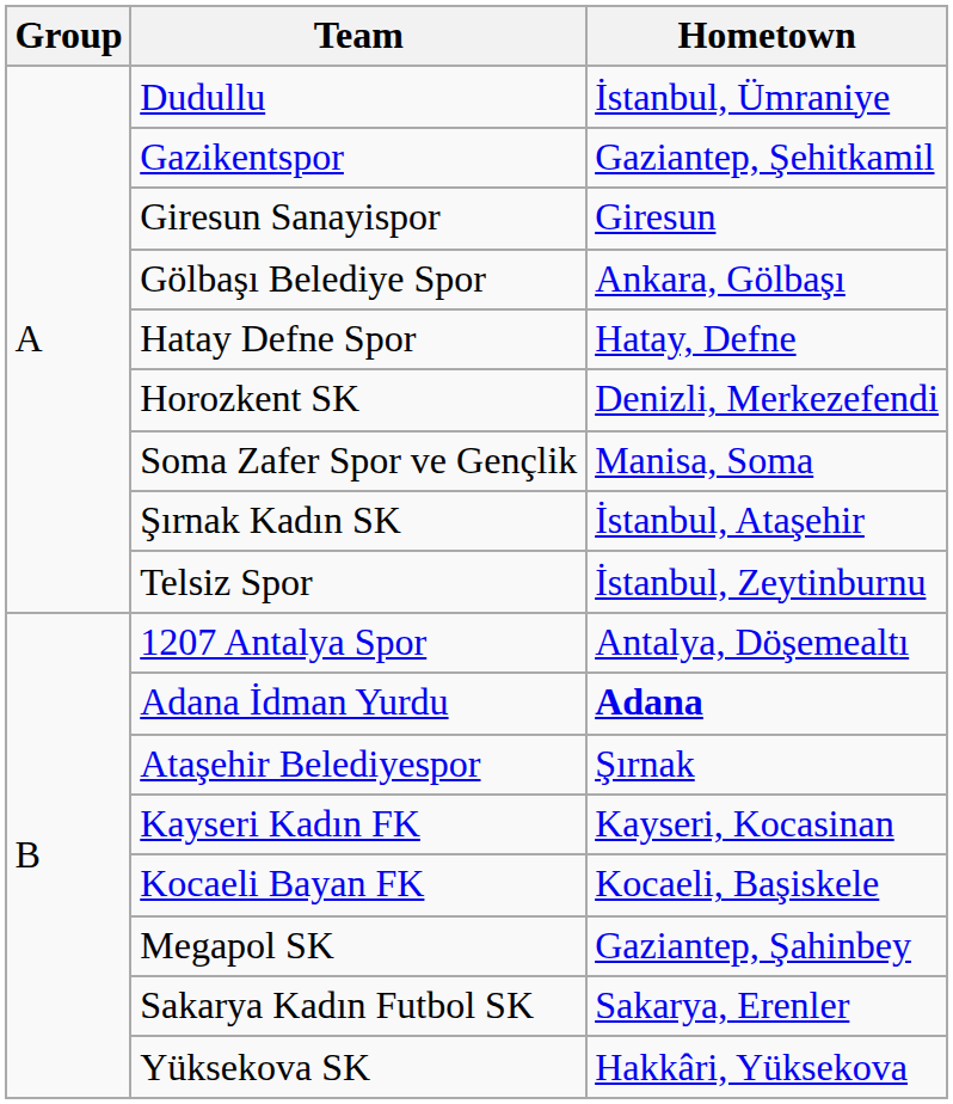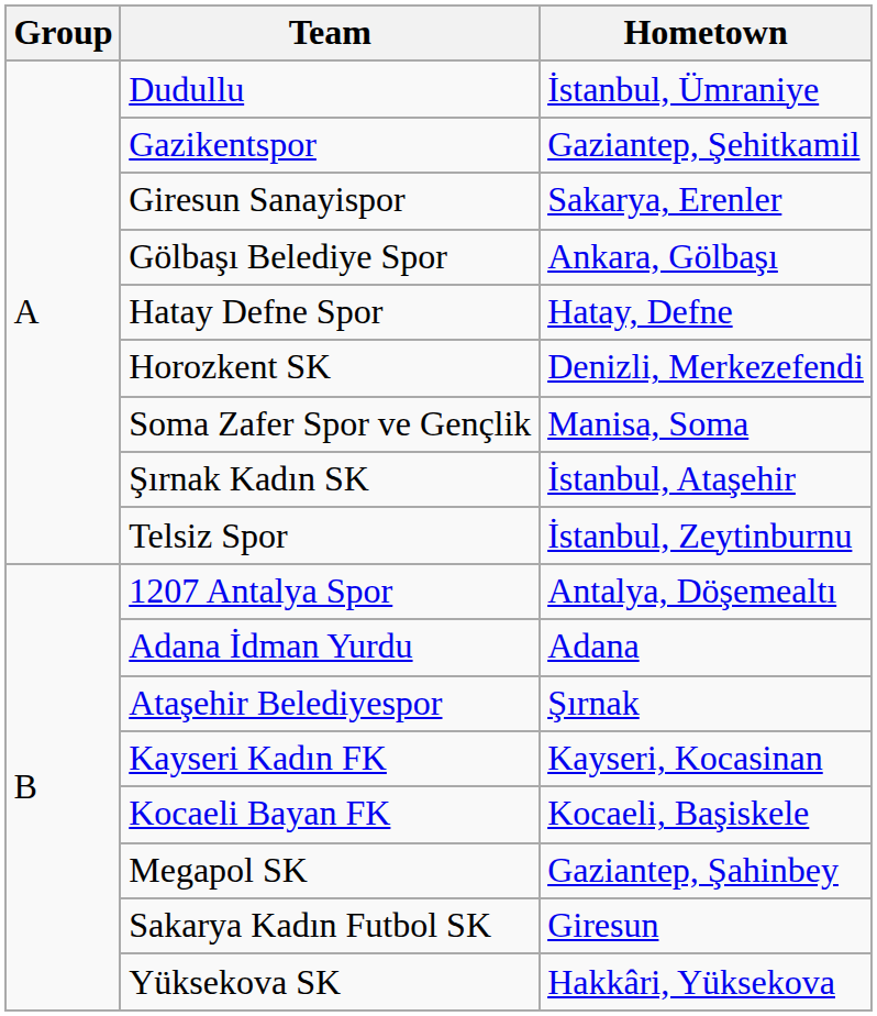 <table class="wikitable sortable">
 <tr>
 <th>Group</th>
 <th>Team</th>
 <th>Hometown</th>
 </tr>
 <tr>
 <td rowspan="9">A</td>
 <td><a href='#'>Dudullu</a></td>
 <td><a href='#'>İstanbul, Ümraniye</a></td>
 </tr>
 <tr>
 <td><a href='#'>Gazikentspor</a></td>
 <td><a href='#'>Gaziantep, Şehitkamil</a></td>
 </tr>
 <tr>
 <td>Giresun Sanayispor</td>
-<td><a href='#'>Giresun</a></td>
+<td><a href='#'>Sakarya, Erenler</a></td>
 </tr>
 <tr>
 <td>Gölbaşı Belediye Spor</td>
 <td><a href='#'>Ankara, Gölbaşı</a></td>
 </tr>
 <tr>
 <td>Hatay Defne Spor</td>
 <td><a href='#'>Hatay, Defne</a></td>
 </tr>
 <tr>
 <td>Horozkent SK</td>
 <td><a href='#'>Denizli, Merkezefendi</a></td>
 </tr>
 <tr>
 <td>Soma Zafer Spor ve Gençlik</td>
 <td><a href='#'>Manisa, Soma</a></td>
 </tr>
 <tr>
 <td>Şırnak Kadın SK</td>
 <td><a href='#'>İstanbul, Ataşehir</a></td>
 </tr>
 <tr>
 <td>Telsiz Spor</td>
 <td><a href='#'>İstanbul, Zeytinburnu</a></td>
 </tr>
 <tr>
 <td rowspan="8">B</td>
 <td><a href='#'>1207 Antalya Spor</a></td>
 <td><a href='#'>Antalya, Döşemealtı</a></td>
 </tr>
 <tr>
 <td><a href='#'>Adana İdman Yurdu</a></td>
-<td><strong><a href='#'>Adana</a></strong></td>
+<td><a href='#'>Adana</a></td>
 </tr>
 <tr>
 <td><a href='#'>Ataşehir Belediyespor</a></td>
 <td><a href='#'>Şırnak</a></td>
 </tr>
 <tr>
 <td><a href='#'>Kayseri Kadın FK</a></td>
 <td><a href='#'>Kayseri, Kocasinan</a></td>
 </tr>
 <tr>
 <td><a href='#'>Kocaeli Bayan FK</a></td>
 <td><a href='#'>Kocaeli, Başiskele</a></td>
 </tr>
 <tr>
 <td>Megapol SK</td>
 <td><a href='#'>Gaziantep, Şahinbey</a></td>
 </tr>
 <tr>
 <td>Sakarya Kadın Futbol SK</td>
-<td><a href='#'>Sakarya, Erenler</a></td>
+<td><a href='#'>Giresun</a></td>
 </tr>
 <tr>
 <td>Yüksekova SK</td>
 <td><a href='#'>Hakkâri, Yüksekova</a></td>
 </tr>
 </table>
